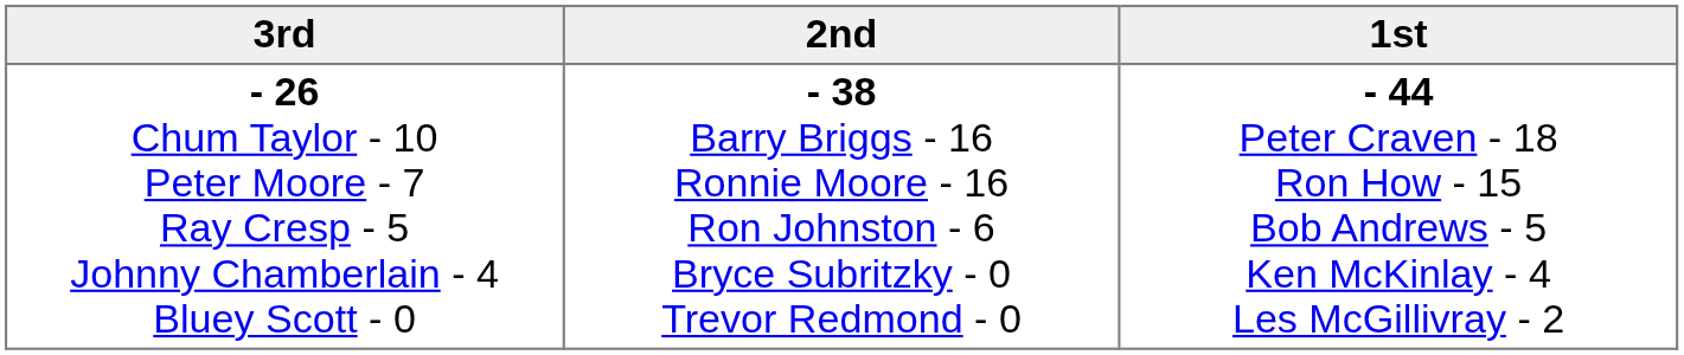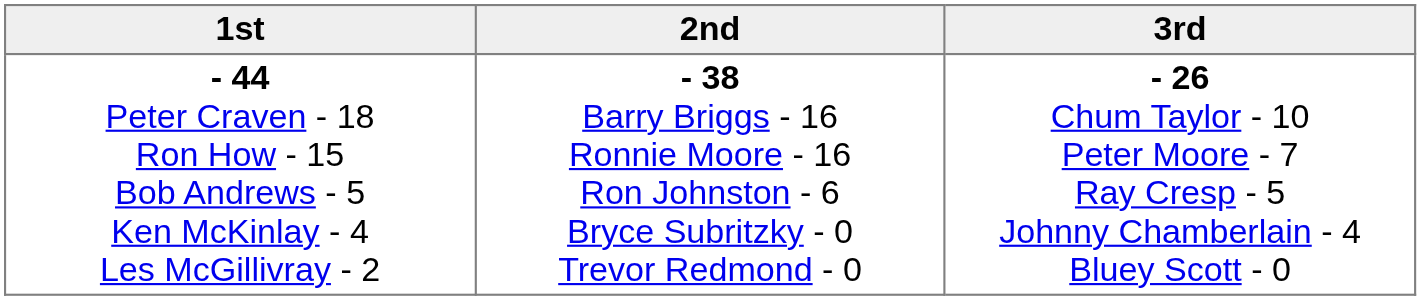 <table border=1 cellpadding=2 cellspacing=0 width=75% style="border-collapse:collapse">
 <tr align=center style="background:#efefef;">
+<th width=20% >1st</th>
+<th width=20% >2nd</th>
 <th width=20% >3rd</th>
-<th width=20% >2nd</th>
-<th width=20% >1st</th>
 </tr>
 <tr align=center>
+<td valign=top ><strong> - 44</strong><br><a href='#'>Peter Craven</a> - 18<br><a href='#'>Ron How</a> - 15<br><a href='#'>Bob Andrews</a> - 5<br><a href='#'>Ken McKinlay</a> - 4<br><a href='#'>Les McGillivray</a> - 2</td>
+<td valign=top ><strong> - 38</strong><br><a href='#'>Barry Briggs</a> - 16<br><a href='#'>Ronnie Moore</a> - 16<br><a href='#'>Ron Johnston</a> - 6<br><a href='#'>Bryce Subritzky</a> - 0<br><a href='#'>Trevor Redmond</a> - 0</td>
 <td valign=top ><strong> - 26</strong><br><a href='#'>Chum Taylor</a> - 10<br><a href='#'>Peter Moore</a> - 7<br><a href='#'>Ray Cresp</a> - 5<br><a href='#'>Johnny Chamberlain</a> - 4<br><a href='#'>Bluey Scott</a> - 0</td>
-<td valign=top ><strong> - 38</strong><br><a href='#'>Barry Briggs</a> - 16<br><a href='#'>Ronnie Moore</a> - 16<br><a href='#'>Ron Johnston</a> - 6<br><a href='#'>Bryce Subritzky</a> - 0<br><a href='#'>Trevor Redmond</a> - 0</td>
-<td valign=top ><strong> - 44</strong><br><a href='#'>Peter Craven</a> - 18<br><a href='#'>Ron How</a> - 15<br><a href='#'>Bob Andrews</a> - 5<br><a href='#'>Ken McKinlay</a> - 4<br><a href='#'>Les McGillivray</a> - 2</td>
 </tr>
 </table>
